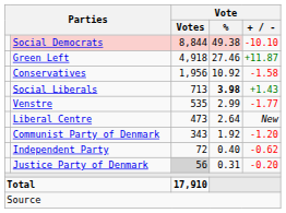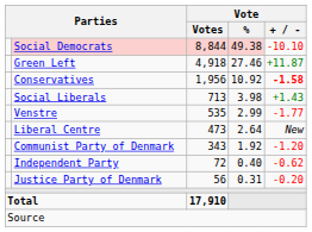 <table class="wikitable" style="text-align:right;">
 <tr>
 <th style="text-align:centre;" rowspan="2" colspan="2" width="225">Parties</th>
 <th colspan="3">Vote</th>
 </tr>
 <tr>
 <th width="15">Votes</th>
 <th width="15">%</th>
 <th width="15">+ / -</th>
 </tr>
 <tr>
 <td width="2" style="color:inherit;background:"></td>
 <td bgcolor=#fbd0ce  align="left"><a href='#'>Social Democrats</a></td>
 <td bgcolor=#fbd0ce>8,844</td>
 <td bgcolor=#fbd0ce>49.38</td>
 <td style=color:red;>-10.10</td>
 </tr>
 <tr>
 <td width="2" style="color:inherit;background:"></td>
 <td align="left"><a href='#'>Green Left</a></td>
 <td>4,918</td>
 <td>27.46</td>
 <td style=color:green;>+11.87</td>
 </tr>
 <tr>
 <td width="2" style="color:inherit;background:"></td>
 <td align="left"><a href='#'>Conservatives</a></td>
 <td>1,956</td>
 <td>10.92</td>
-<td style=color:red;>-1.58</td>
+<td style=color:red;><strong>-1.58</strong></td>
 </tr>
 <tr>
 <td width="2" style="color:inherit;background:"></td>
 <td align="left"><a href='#'>Social Liberals</a></td>
 <td>713</td>
-<td><strong>3.98</strong></td>
+<td>3.98</td>
 <td style=color:green;>+1.43</td>
 </tr>
 <tr>
 <td width="2" style="color:inherit;background:"></td>
 <td align="left"><a href='#'>Venstre</a></td>
 <td>535</td>
 <td>2.99</td>
 <td style=color:red;>-1.77</td>
 </tr>
 <tr>
 <td width="2" style="color:inherit;background:"></td>
 <td align="left"><a href='#'>Liberal Centre</a></td>
 <td>473</td>
 <td>2.64</td>
 <td><em>New</em></td>
 </tr>
 <tr>
 <td width="2" style="color:inherit;background:"></td>
 <td align="left"><a href='#'>Communist Party of Denmark</a></td>
 <td>343</td>
 <td>1.92</td>
 <td style=color:red;>-1.20</td>
 </tr>
 <tr>
 <td width="2" style="color:inherit;background:"></td>
 <td align="left"><a href='#'>Independent Party</a></td>
 <td>72</td>
 <td>0.40</td>
 <td style=color:red;>-0.62</td>
 </tr>
 <tr>
 <td width="2" style="color:inherit;background:"></td>
 <td align="left"><a href='#'>Justice Party of Denmark</a></td>
-<td style="background: lightgrey;">56</td>
+<td>56</td>
 <td>0.31</td>
 <td style=color:red;>-0.20</td>
 </tr>
 <tr>
 <td colspan="7" bgcolor="#E9E9E9"></td>
 </tr>
 <tr>
 <td align="left" colspan="2"><strong>Total</strong></td>
 <td><strong>17,910</strong></td>
 <td bgcolor="#E9E9E9" colspan="2"></td>
 </tr>
 <tr>
 <td align="left" colspan="6">Source</td>
 </tr>
 </table>
